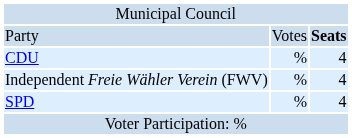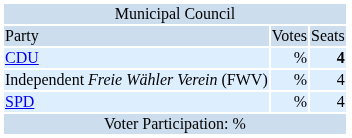 <table border=0>
 <tr bgcolor=#FFFFFF>
 </tr>
 <tr bgcolor=#CCDDEE>
 <td colspan=6 align=center>Municipal Council</td>
 </tr>
 <tr bgcolor=#CCDDEE>
 <td>Party</td>
 <td>Votes</td>
-<td><strong>Seats</strong></td>
+<td>Seats</td>
 </tr>
 <tr bgcolor=#DDEEFF>
 <td><a href='#'>CDU</a></td>
 <td align=right>%</td>
-<td align=right>4</td>
+<td align=right><strong>4</strong></td>
 </tr>
 <tr bgcolor=#DDEEFF>
 <td>Independent <em>Freie Wähler Verein </em> (FWV)</td>
 <td align=right>%</td>
 <td align=right>4</td>
 </tr>
 <tr bgcolor=#DDEEFF>
 <td><a href='#'>SPD</a></td>
 <td align=right>%</td>
 <td align=right>4</td>
 </tr>
 <tr bgcolor=#CCDDEE>
 <td colspan=6 align=center>Voter Participation: %</td>
 </tr>
 </table>
